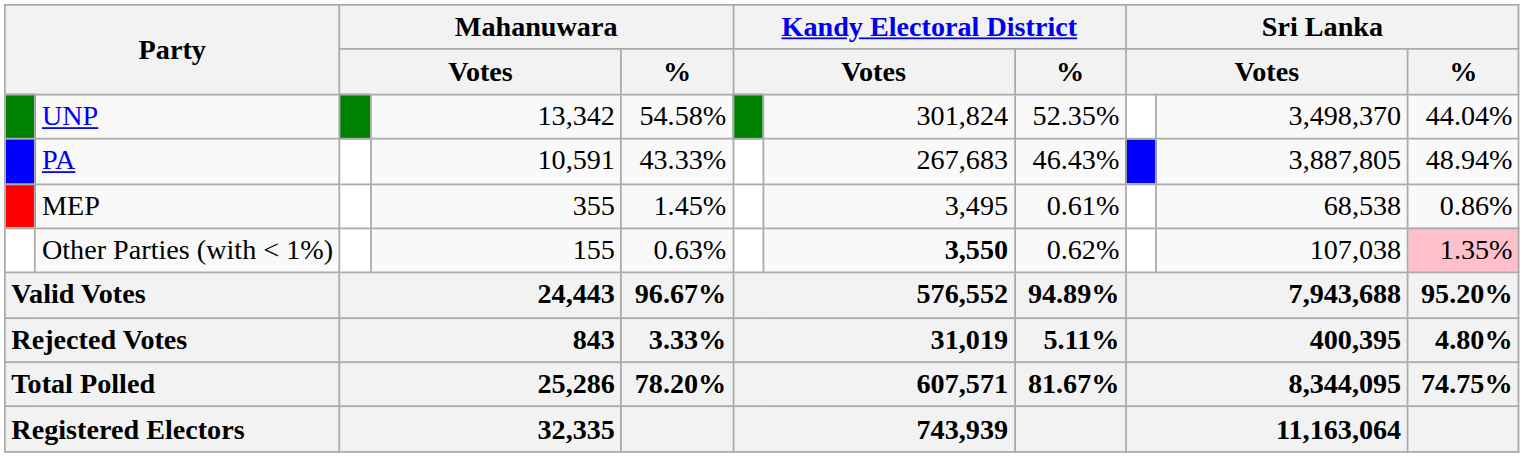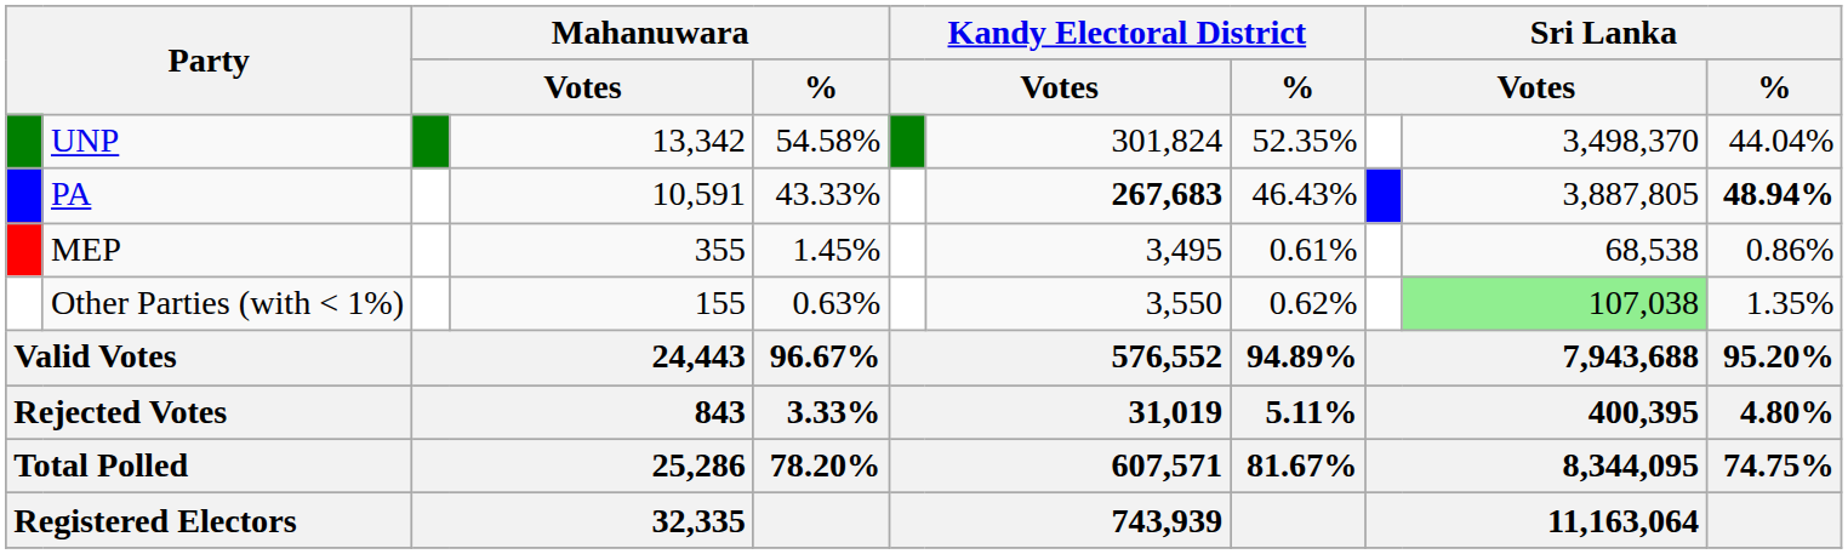 <table class="wikitable">
 <tr>
 <th colspan="2" width="144px"rowspan="2">Party</th>
 <th colspan="3" width="216px">Mahanuwara</th>
 <th colspan="3" width="216px"><a href='#'>Kandy Electoral District</a></th>
 <th colspan="3" width="216px">Sri Lanka</th>
 </tr>
 <tr>
 <th colspan="2" width="144px">Votes</th>
 <th>%</th>
 <th colspan="2" width="144px">Votes</th>
 <th>%</th>
 <th colspan="2" width="144px">Votes</th>
 <th>%</th>
 </tr>
 <tr>
 <td style="background-color:green;" width="10px"></td>
 <td style="text-align:left;"><a href='#'>UNP</a></td>
 <td style="background-color:green;" width="10px"></td>
 <td style="text-align:right;">13,342</td>
 <td style="text-align:right;">54.58%</td>
 <td style="background-color:green;" width="10px"></td>
 <td style="text-align:right;">301,824</td>
 <td style="text-align:right;">52.35%</td>
 <td style="background-color:white;" width="10px"></td>
 <td style="text-align:right;">3,498,370</td>
 <td style="text-align:right;">44.04%</td>
 </tr>
 <tr>
 <td style="background-color:blue;" width="10px"></td>
 <td style="text-align:left;"><a href='#'>PA</a></td>
 <td style="background-color:white;" width="10px"></td>
 <td style="text-align:right;">10,591</td>
 <td style="text-align:right;">43.33%</td>
 <td style="background-color:white;" width="10px"></td>
-<td style="text-align:right;">267,683</td>
+<td style="text-align:right;"><strong>267,683</strong></td>
 <td style="text-align:right;">46.43%</td>
 <td style="background-color:blue;" width="10px"></td>
 <td style="text-align:right;">3,887,805</td>
-<td style="text-align:right;">48.94%</td>
+<td style="text-align:right;"><strong>48.94%</strong></td>
 </tr>
 <tr>
 <td style="background-color:red;" width="10px"></td>
 <td style="text-align:left;">MEP</td>
 <td style="background-color:white;" width="10px"></td>
 <td style="text-align:right;">355</td>
 <td style="text-align:right;">1.45%</td>
 <td style="background-color:white;" width="10px"></td>
 <td style="text-align:right;">3,495</td>
 <td style="text-align:right;">0.61%</td>
 <td style="background-color:white;" width="10px"></td>
 <td style="text-align:right;">68,538</td>
 <td style="text-align:right;">0.86%</td>
 </tr>
 <tr>
 <td style="background-color:white;" width="10px"></td>
 <td style="text-align:left;">Other Parties (with < 1%)</td>
 <td style="background-color:white;" width="10px"></td>
 <td style="text-align:right;">155</td>
 <td style="text-align:right;">0.63%</td>
 <td style="background-color:white;" width="10px"></td>
-<td style="text-align:right;"><strong>3,550</strong></td>
+<td style="text-align:right;">3,550</td>
 <td style="text-align:right;">0.62%</td>
 <td style="background-color:white;" width="10px"></td>
-<td style="text-align:right;">107,038</td>
-<td style="background: pink; text-align:right;">1.35%</td>
+<td style="background: lightgreen; text-align:right;">107,038</td>
+<td style="text-align:right;">1.35%</td>
 </tr>
 <tr>
 <th colspan="2" width="144px"style="text-align:left;">Valid Votes</th>
 <th style="text-align:right;"colspan="2" width="144px">24,443</th>
 <th style="text-align:right;">96.67%</th>
 <th style="text-align:right;"colspan="2" width="144px">576,552</th>
 <th style="text-align:right;">94.89%</th>
 <th style="text-align:right;"colspan="2" width="144px">7,943,688</th>
 <th style="text-align:right;">95.20%</th>
 </tr>
 <tr>
 <th colspan="2" width="144px"style="text-align:left;">Rejected Votes</th>
 <th style="text-align:right;"colspan="2" width="144px">843</th>
 <th style="text-align:right;">3.33%</th>
 <th style="text-align:right;"colspan="2" width="144px">31,019</th>
 <th style="text-align:right;">5.11%</th>
 <th style="text-align:right;"colspan="2" width="144px">400,395</th>
 <th style="text-align:right;">4.80%</th>
 </tr>
 <tr>
 <th colspan="2" width="144px"style="text-align:left;">Total Polled</th>
 <th style="text-align:right;"colspan="2" width="144px">25,286</th>
 <th style="text-align:right;">78.20%</th>
 <th style="text-align:right;"colspan="2" width="144px">607,571</th>
 <th style="text-align:right;">81.67%</th>
 <th style="text-align:right;"colspan="2" width="144px">8,344,095</th>
 <th style="text-align:right;">74.75%</th>
 </tr>
 <tr>
 <th colspan="2" width="144px"style="text-align:left;">Registered Electors</th>
 <th style="text-align:right;"colspan="2" width="144px">32,335</th>
 <th></th>
 <th style="text-align:right;"colspan="2" width="144px">743,939</th>
 <th></th>
 <th style="text-align:right;"colspan="2" width="144px">11,163,064</th>
 <th></th>
 </tr>
 </table>
